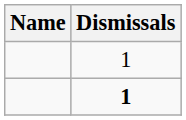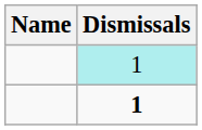 <table class="wikitable sortable" style="text-align:center; font-size:95%">
 <tr>
 <th>Name</th>
 <th>Dismissals</th>
 </tr>
 <tr>
 <td></td>
-<td> 1</td>
+<td style="background: paleturquoise;"> 1</td>
 </tr>
 <tr>
 <td></td>
 <td><strong> 1</strong></td>
 </tr>
 </table>
